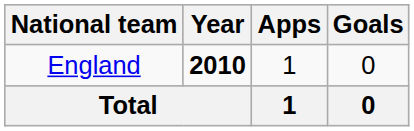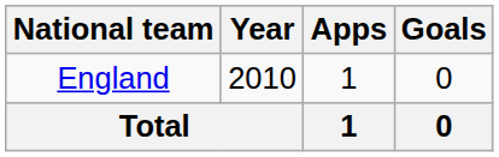 <table class=wikitable style="text-align: center;">
 <tr>
 <th>National team</th>
 <th>Year</th>
 <th>Apps</th>
 <th>Goals</th>
 </tr>
 <tr>
 <td><a href='#'>England</a></td>
-<td><strong>2010</strong></td>
+<td>2010</td>
 <td>1</td>
 <td>0</td>
 </tr>
 <tr>
 <th colspan=2>Total</th>
 <th>1</th>
 <th>0</th>
 </tr>
 </table>
